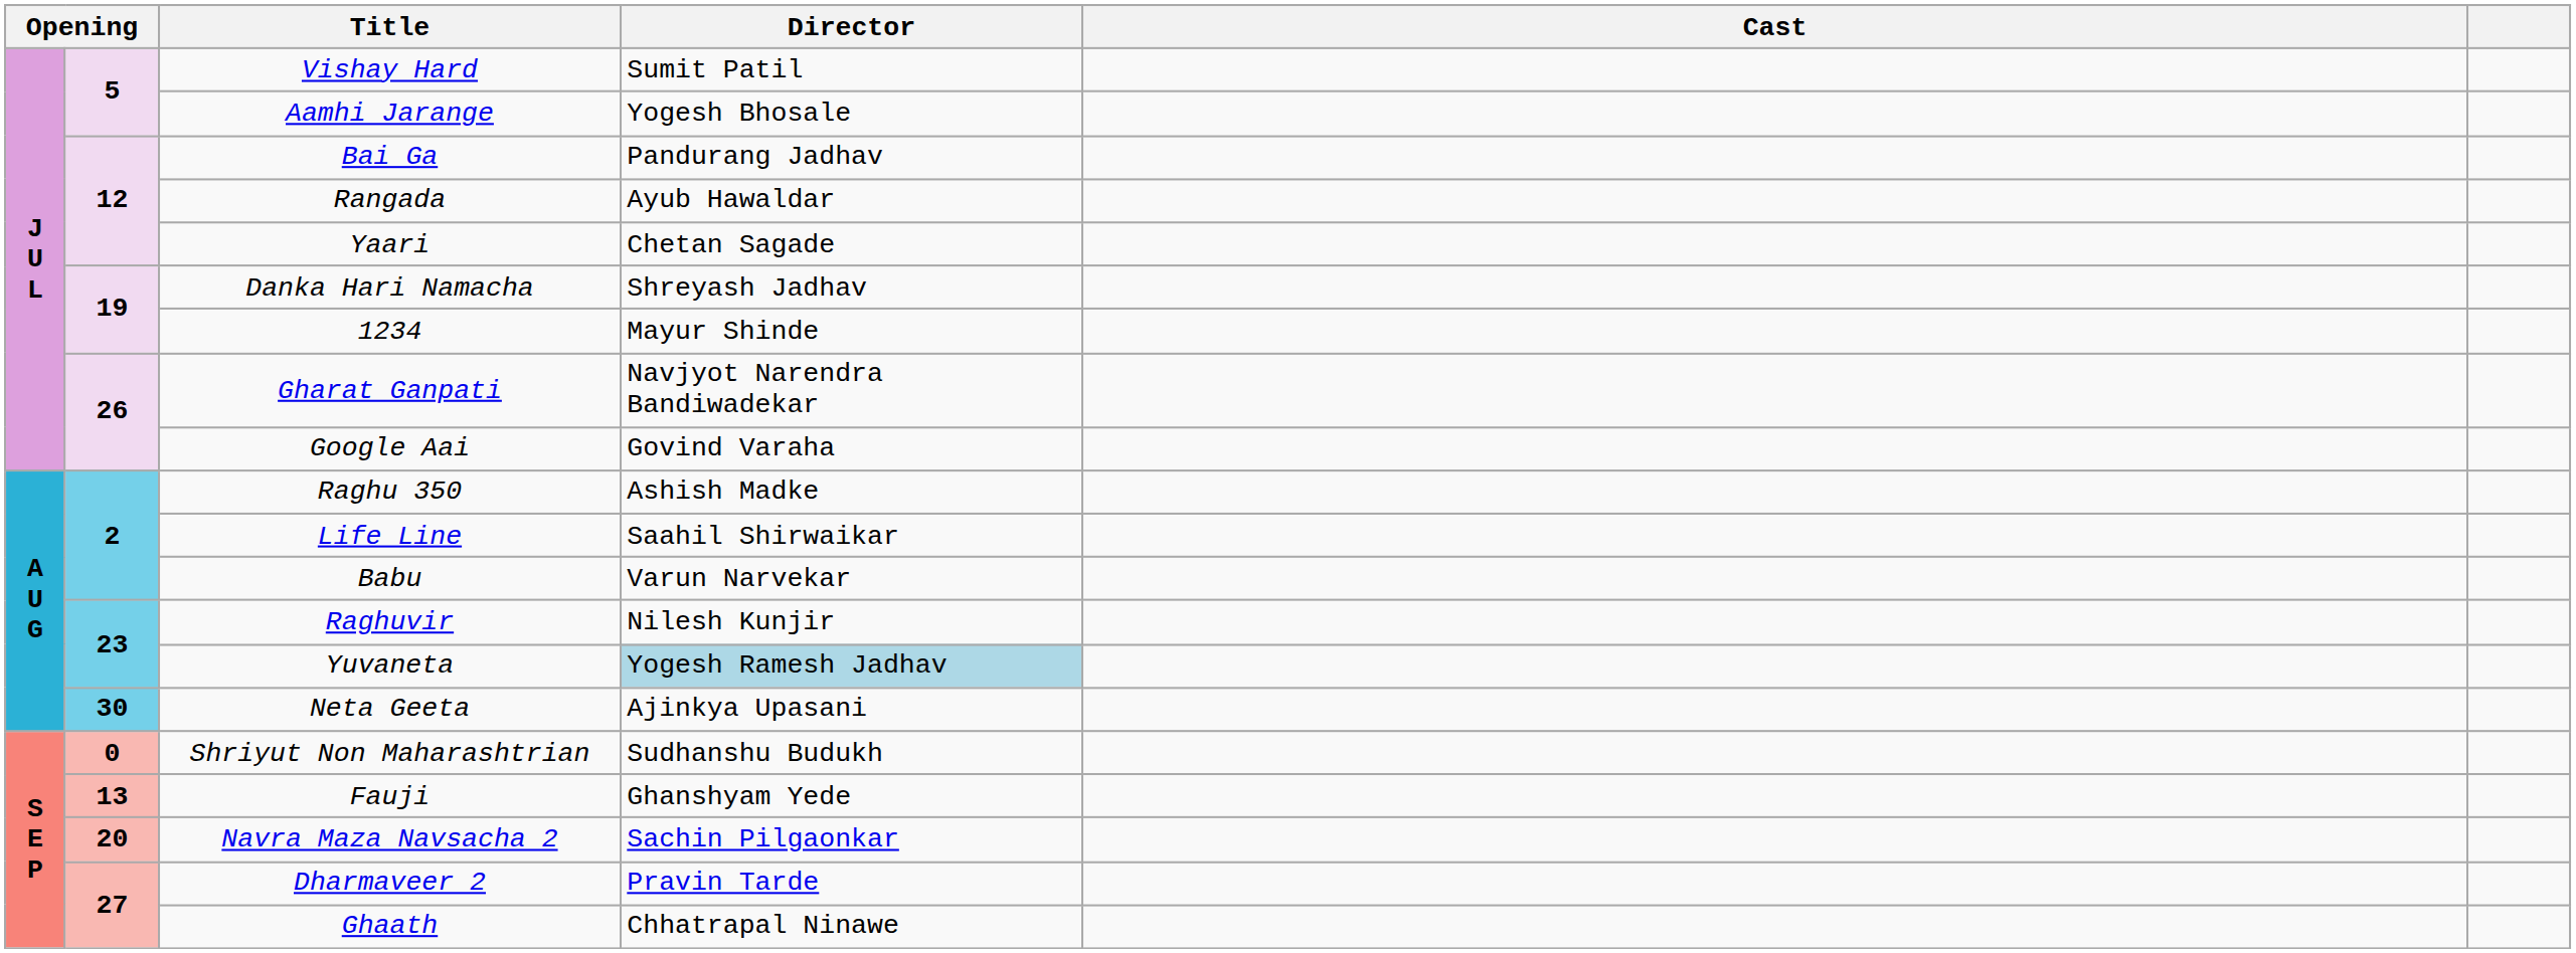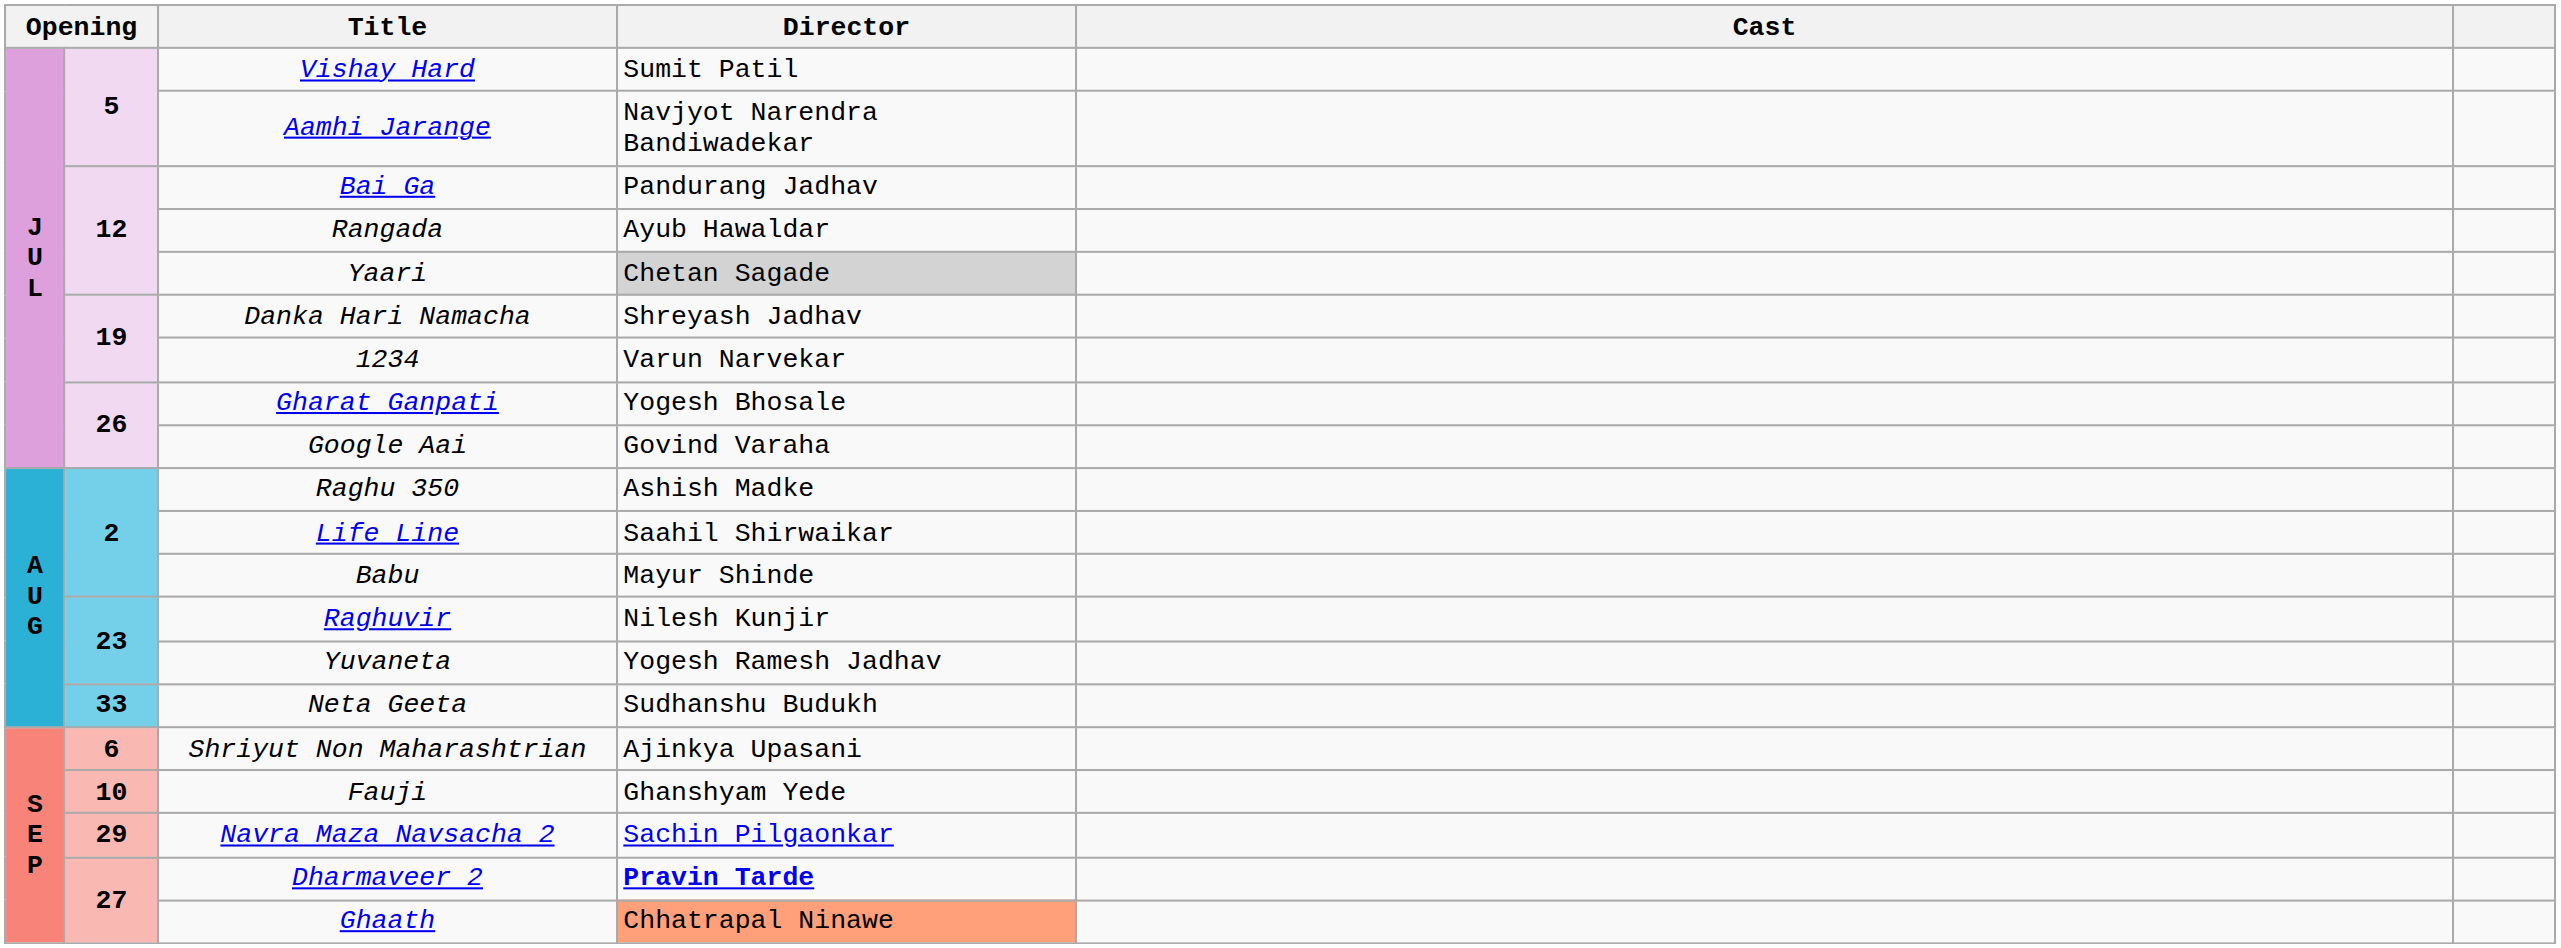 <table class="wikitable sortable">
 <tr>
 <th colspan="2" style="width:6%">Opening</th>
 <th style="width:18%">Title</th>
 <th style="width:18%">Director</th>
 <th>Cast</th>
 <th style="width:4%;"></th>
 </tr>
 <tr>
 <td rowspan="9" style="text-align:center; background:plum; textcolor:#000;"><strong>J<br>U<br>L</strong></td>
 <td rowspan="2" style="text-align:center; background:#f1daf1;"><strong>5</strong></td>
 <td style="text-align:center;"><em><a href='#'>Vishay Hard</a></em></td>
 <td>Sumit Patil</td>
 <td></td>
 <td style="text-align:center;"></td>
 </tr>
 <tr>
 <td style="text-align:center;"><em><a href='#'>Aamhi Jarange</a></em></td>
-<td>Yogesh Bhosale</td>
+<td>Navjyot Narendra Bandiwadekar</td>
 <td></td>
 <td style="text-align:center;"></td>
 </tr>
 <tr>
 <td rowspan="3" style="text-align:center; background:#f1daf1;"><strong>12</strong></td>
 <td style="text-align:center;"><em><a href='#'>Bai Ga</a></em></td>
 <td>Pandurang Jadhav</td>
 <td></td>
 <td style="text-align:center;"></td>
 </tr>
 <tr>
 <td style="text-align:center;"><em>Rangada</em></td>
 <td>Ayub Hawaldar</td>
 <td></td>
 <td style="text-align:center;"></td>
 </tr>
 <tr>
 <td style="text-align:center;"><em>Yaari</em></td>
-<td>Chetan Sagade</td>
+<td style="background: lightgrey;">Chetan Sagade</td>
 <td></td>
 <td style="text-align:center;"></td>
 </tr>
 <tr>
 <td rowspan="2" style="text-align:center; background:#f1daf1;"><strong>19</strong></td>
 <td style="text-align:center;"><em>Danka Hari Namacha</em></td>
 <td>Shreyash Jadhav</td>
 <td></td>
 <td style="text-align:center;"></td>
 </tr>
 <tr>
 <td style="text-align:center;"><em>1234</em></td>
-<td>Mayur Shinde</td>
+<td>Varun Narvekar</td>
 <td></td>
 <td style="text-align:center;"></td>
 </tr>
 <tr>
 <td rowspan="2" style="text-align:center; background:#f1daf1;"><strong>26</strong></td>
 <td style="text-align:center;"><em><a href='#'>Gharat Ganpati</a></em></td>
-<td>Navjyot Narendra Bandiwadekar</td>
+<td>Yogesh Bhosale</td>
 <td></td>
 <td style="text-align:center;"></td>
 </tr>
 <tr>
 <td style="text-align:center;"><em>Google Aai</em></td>
 <td>Govind Varaha</td>
 <td></td>
 <td style="text-align:center;"></td>
 </tr>
 <tr>
 <td rowspan="6" style="text-align:center; background:#2BB1D6; textcolor:#000;"><strong>A<br>U<br>G</strong></td>
 <td rowspan="3" style="text-align:center; background:#74D0E9;"><strong>2</strong></td>
 <td style="text-align:center;"><em>Raghu 350</em></td>
 <td>Ashish Madke</td>
 <td></td>
 <td style="text-align:center;"></td>
 </tr>
 <tr>
 <td style="text-align:center;"><em><a href='#'>Life Line</a></em></td>
 <td>Saahil Shirwaikar</td>
 <td></td>
 <td style="text-align:center;"></td>
 </tr>
 <tr>
 <td style="text-align:center;"><em>Babu</em></td>
-<td>Varun Narvekar</td>
+<td>Mayur Shinde</td>
 <td></td>
 <td style="text-align:center;"></td>
 </tr>
 <tr>
 <td rowspan="2" style="text-align:center; background:#74D0E9;"><strong>23</strong></td>
 <td style="text-align:center;"><em><a href='#'>Raghuvir</a></em></td>
 <td>Nilesh Kunjir</td>
 <td></td>
 <td style="text-align:center;"></td>
 </tr>
 <tr>
 <td style="text-align:center;"><em>Yuvaneta</em></td>
-<td style="background: lightblue;">Yogesh Ramesh Jadhav</td>
+<td>Yogesh Ramesh Jadhav</td>
 <td></td>
 <td style="text-align:center;"></td>
 </tr>
 <tr>
-<td style="text-align:center; background:#74D0E9;"><strong>30</strong></td>
+<td style="text-align:center; background:#74D0E9;"><strong>33</strong></td>
 <td style="text-align:center;"><em>Neta Geeta</em></td>
+<td>Sudhanshu Budukh</td>
+<td></td>
+<td style="text-align:center;"></td>
+</tr>
+<tr>
+<td rowspan="6" style="text-align:center; background:#F88379; textcolor:#000;"><strong>S<br>E<br>P</strong></td>
+<td style="text-align:center; background:#F9B8B2"><strong>6</strong></td>
+<td style="text-align:center;"><em>Shriyut Non Maharashtrian</em></td>
 <td>Ajinkya Upasani</td>
 <td></td>
 <td style="text-align:center;"></td>
 </tr>
 <tr>
-<td rowspan="6" style="text-align:center; background:#F88379; textcolor:#000;"><strong>S<br>E<br>P</strong></td>
-<td style="text-align:center; background:#F9B8B2"><strong>0</strong></td>
-<td style="text-align:center;"><em>Shriyut Non Maharashtrian</em></td>
-<td>Sudhanshu Budukh</td>
-<td></td>
-<td style="text-align:center;"></td>
-</tr>
-<tr>
-<td style="text-align:center; background:#F9B8B2"><strong>13</strong></td>
+<td style="text-align:center; background:#F9B8B2"><strong>10</strong></td>
 <td style="text-align:center;"><em>Fauji</em></td>
 <td>Ghanshyam Yede</td>
 <td></td>
 <td style="text-align:center;"></td>
 </tr>
 <tr>
-<td rowspan="1" style="text-align:center; background:#F9B8B2"><strong>20</strong></td>
+<td rowspan="1" style="text-align:center; background:#F9B8B2"><strong>29</strong></td>
 <td style="text-align:center;"><em><a href='#'>Navra Maza Navsacha 2</a></em></td>
 <td><a href='#'>Sachin Pilgaonkar</a></td>
 <td></td>
 <td style="text-align:center;"></td>
 </tr>
 <tr>
 <td rowspan="2" style="text-align:center; background:#F9B8B2"><strong>27</strong></td>
 <td style="text-align:center;"><em><a href='#'>Dharmaveer 2</a></em></td>
-<td><a href='#'>Pravin Tarde</a></td>
+<td><strong><a href='#'>Pravin Tarde</a></strong></td>
 <td></td>
 <td style="text-align:center;"></td>
 </tr>
 <tr>
 <td style="text-align:center;"><em><a href='#'>Ghaath</a></em></td>
-<td>Chhatrapal Ninawe</td>
+<td style="background: lightsalmon;">Chhatrapal Ninawe</td>
 <td></td>
 <td style="text-align:center;"></td>
 </tr>
 </table>
